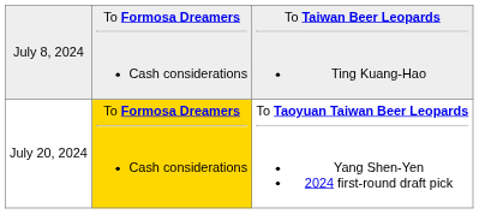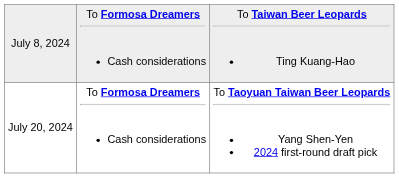 <table border=1 style="border-collapse:collapse; text-align: center; bordercolor="#DFDFDF"  cellpadding="5">
 <tr style="background:#eee;">
 <td>July 8, 2024</td>
 <td valign="top">To <strong><a href='#'>Formosa Dreamers</a></strong><hr><br><ul><li>Cash considerations</li></ul></td>
 <td valign="top">To <strong><a href='#'>Taiwan Beer Leopards</a></strong><hr><br><ul><li>Ting Kuang-Hao</li></ul></td>
 </tr>
 <tr>
 <td>July 20, 2024</td>
-<td valign="top" style="background: gold;">To <strong><a href='#'>Formosa Dreamers</a></strong><hr><br><ul><li>Cash considerations</li></ul></td>
+<td valign="top">To <strong><a href='#'>Formosa Dreamers</a></strong><hr><br><ul><li>Cash considerations</li></ul></td>
 <td valign="top">To <strong><a href='#'>Taoyuan Taiwan Beer Leopards</a></strong><hr><br><ul><li>Yang Shen-Yen</li><li><a href='#'>2024</a> first-round draft pick</li></ul></td>
 </tr>
 </table>
